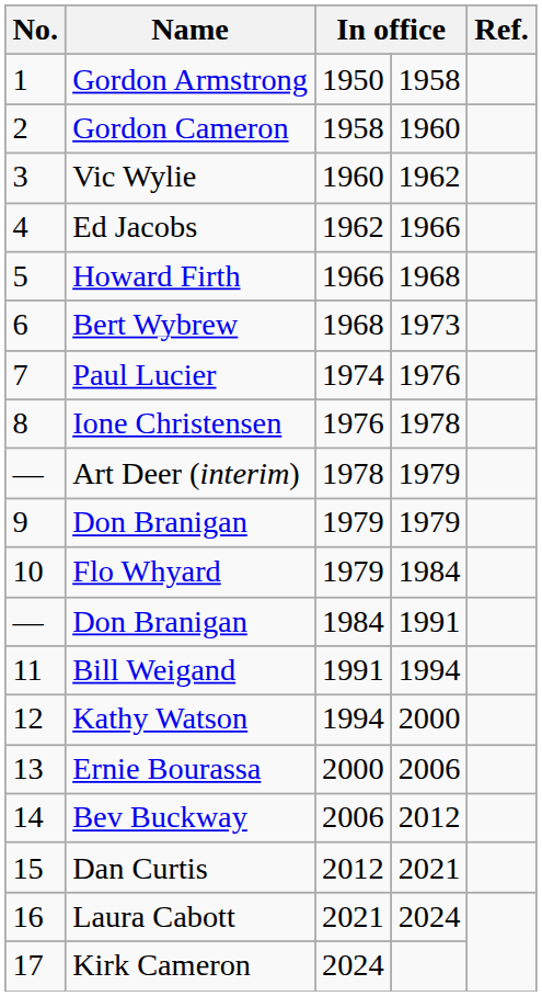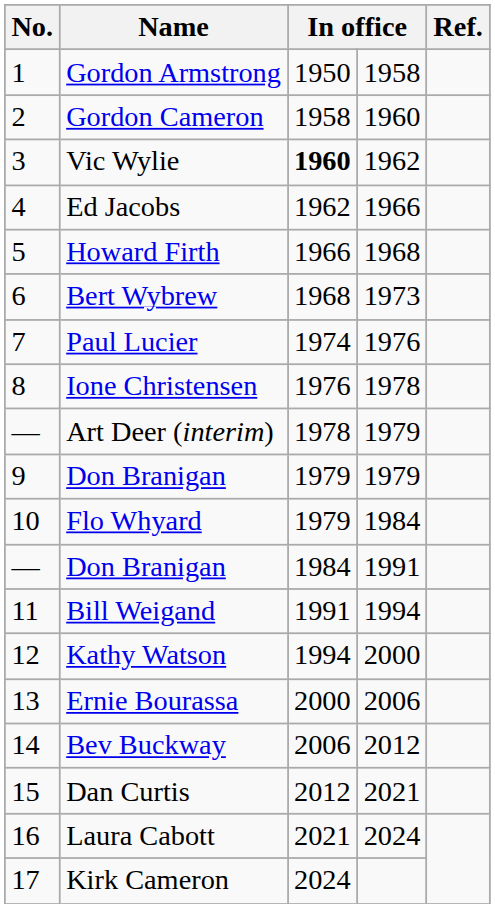 <table class="wikitable">
 <tr>
 <th>No.</th>
 <th>Name</th>
 <th colspan="2">In office</th>
 <th>Ref.</th>
 </tr>
 <tr>
 <td>1</td>
 <td><a href='#'>Gordon Armstrong</a></td>
 <td>1950</td>
 <td>1958</td>
 <td></td>
 </tr>
 <tr>
 <td>2</td>
 <td><a href='#'>Gordon Cameron</a></td>
 <td>1958</td>
 <td>1960</td>
 <td></td>
 </tr>
 <tr>
 <td>3</td>
 <td>Vic Wylie</td>
-<td>1960</td>
+<td><strong>1960</strong></td>
 <td>1962</td>
 <td></td>
 </tr>
 <tr>
 <td>4</td>
 <td>Ed Jacobs</td>
 <td>1962</td>
 <td>1966</td>
 <td></td>
 </tr>
 <tr>
 <td>5</td>
 <td><a href='#'>Howard Firth</a></td>
 <td>1966</td>
 <td>1968</td>
 <td></td>
 </tr>
 <tr>
 <td>6</td>
 <td><a href='#'>Bert Wybrew</a></td>
 <td>1968</td>
 <td>1973</td>
 <td><em></em></td>
 </tr>
 <tr>
 <td>7</td>
 <td><a href='#'>Paul Lucier</a></td>
 <td>1974</td>
 <td>1976</td>
 <td></td>
 </tr>
 <tr>
 <td>8</td>
 <td><a href='#'>Ione Christensen</a></td>
 <td>1976</td>
 <td>1978</td>
 <td></td>
 </tr>
 <tr>
 <td>—</td>
 <td>Art Deer (<em>interim</em>)</td>
 <td>1978</td>
 <td>1979</td>
 <td></td>
 </tr>
 <tr>
 <td>9</td>
 <td><a href='#'>Don Branigan</a></td>
 <td>1979</td>
 <td>1979</td>
 <td></td>
 </tr>
 <tr>
 <td>10</td>
 <td><a href='#'>Flo Whyard</a></td>
 <td>1979</td>
 <td>1984</td>
 <td></td>
 </tr>
 <tr>
 <td>—</td>
 <td><a href='#'>Don Branigan</a></td>
 <td>1984</td>
 <td>1991</td>
 <td></td>
 </tr>
 <tr>
 <td>11</td>
 <td><a href='#'>Bill Weigand</a></td>
 <td>1991</td>
 <td>1994</td>
 <td></td>
 </tr>
 <tr>
 <td>12</td>
 <td><a href='#'>Kathy Watson</a></td>
 <td>1994</td>
 <td>2000</td>
 <td></td>
 </tr>
 <tr>
 <td>13</td>
 <td><a href='#'>Ernie Bourassa</a></td>
 <td>2000</td>
 <td>2006</td>
 <td></td>
 </tr>
 <tr>
 <td>14</td>
 <td><a href='#'>Bev Buckway</a></td>
 <td>2006</td>
 <td>2012</td>
 <td></td>
 </tr>
 <tr>
 <td>15</td>
 <td>Dan Curtis</td>
 <td>2012</td>
 <td>2021</td>
 <td></td>
 </tr>
 <tr>
 <td>16</td>
 <td>Laura Cabott</td>
 <td>2021</td>
 <td>2024</td>
 </tr>
 <tr>
 <td>17</td>
 <td>Kirk Cameron</td>
 <td>2024</td>
 <td></td>
 </tr>
 </table>
